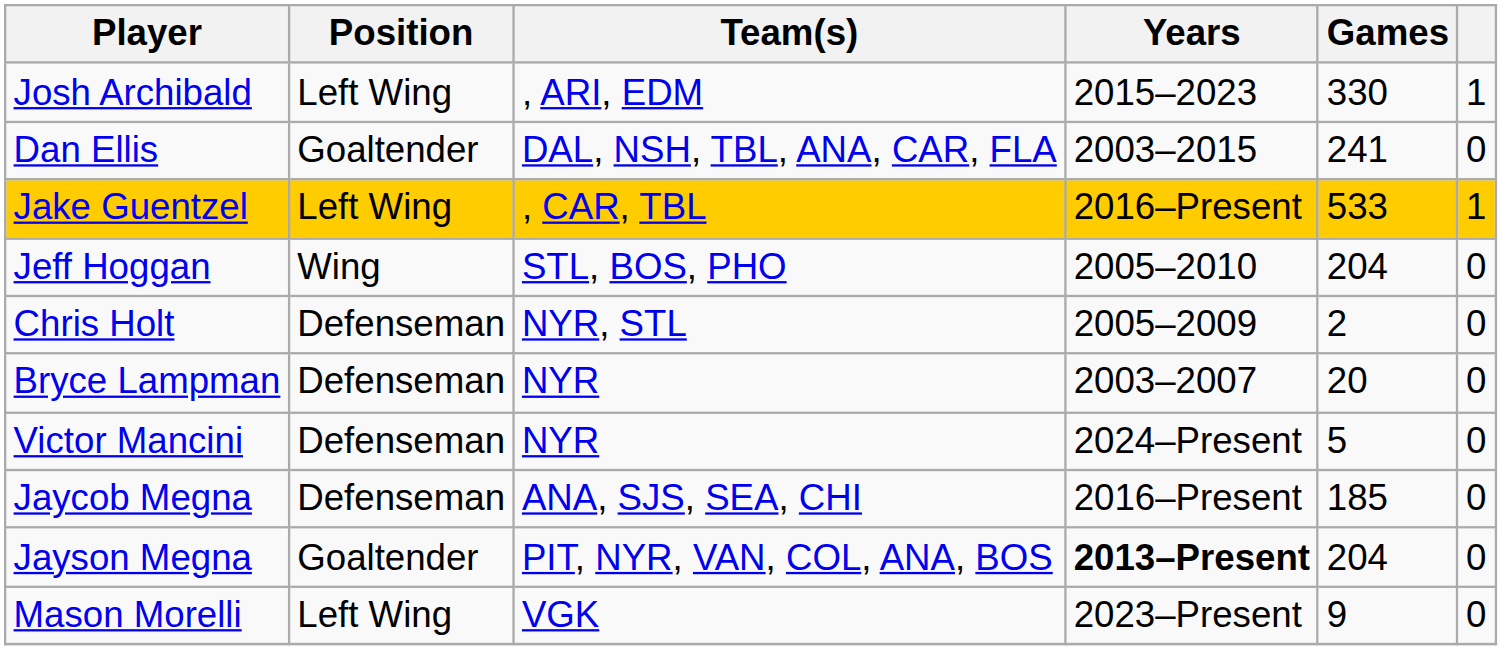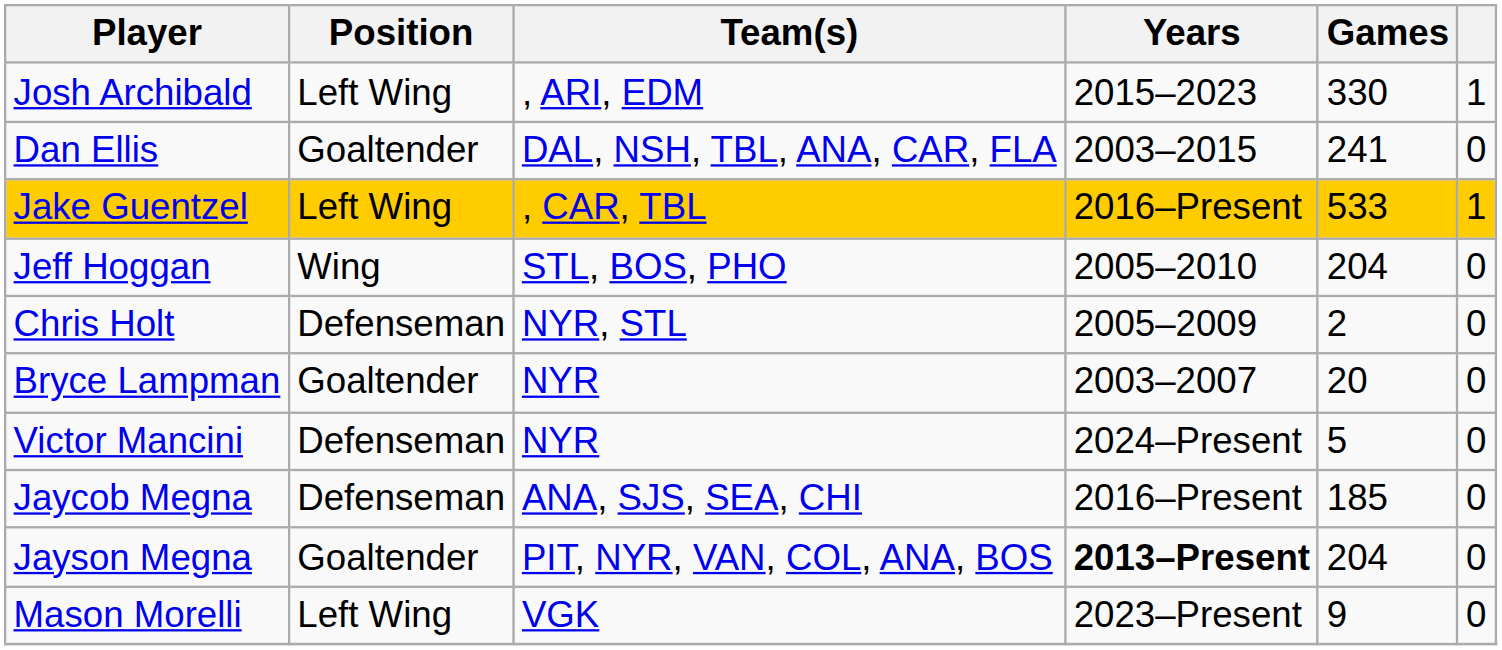 <table class="wikitable sortable">
 <tr>
 <th>Player</th>
 <th>Position</th>
 <th>Team(s)</th>
 <th>Years</th>
 <th>Games</th>
 <th><a href='#'></a></th>
 </tr>
 <tr>
 <td><a href='#'>Josh Archibald</a></td>
 <td>Left Wing</td>
 <td><span><strong></strong></span>, <a href='#'>ARI</a>, <a href='#'>EDM</a></td>
 <td>2015–2023</td>
 <td>330</td>
 <td>1</td>
 </tr>
 <tr>
 <td><a href='#'>Dan Ellis</a></td>
 <td>Goaltender</td>
 <td><a href='#'>DAL</a>, <a href='#'>NSH</a>, <a href='#'>TBL</a>, <a href='#'>ANA</a>, <a href='#'>CAR</a>, <a href='#'>FLA</a></td>
 <td>2003–2015</td>
 <td>241</td>
 <td>0</td>
 </tr>
 <tr bgcolor=FFCC00>
 <td><a href='#'>Jake Guentzel</a></td>
 <td>Left Wing</td>
 <td><span><strong></strong></span>, <a href='#'>CAR</a>, <a href='#'>TBL</a></td>
 <td>2016–Present</td>
 <td>533</td>
 <td>1</td>
 </tr>
 <tr>
 <td><a href='#'>Jeff Hoggan</a></td>
 <td>Wing</td>
 <td><a href='#'>STL</a>, <a href='#'>BOS</a>, <a href='#'>PHO</a></td>
 <td>2005–2010</td>
 <td>204</td>
 <td>0</td>
 </tr>
 <tr>
 <td><a href='#'>Chris Holt</a></td>
 <td>Defenseman</td>
 <td><a href='#'>NYR</a>, <a href='#'>STL</a></td>
 <td>2005–2009</td>
 <td>2</td>
 <td>0</td>
 </tr>
 <tr>
 <td><a href='#'>Bryce Lampman</a></td>
-<td>Defenseman</td>
+<td>Goaltender</td>
 <td><a href='#'>NYR</a></td>
 <td>2003–2007</td>
 <td>20</td>
 <td>0</td>
 </tr>
 <tr>
 <td><a href='#'>Victor Mancini</a></td>
 <td>Defenseman</td>
 <td><a href='#'>NYR</a></td>
 <td>2024–Present</td>
 <td>5</td>
 <td>0</td>
 </tr>
 <tr>
 <td><a href='#'>Jaycob Megna</a></td>
 <td>Defenseman</td>
 <td><a href='#'>ANA</a>, <a href='#'>SJS</a>, <a href='#'>SEA</a>, <a href='#'>CHI</a></td>
 <td>2016–Present</td>
 <td>185</td>
 <td>0</td>
 </tr>
 <tr>
 <td><a href='#'>Jayson Megna</a></td>
 <td>Goaltender</td>
 <td><a href='#'>PIT</a>, <a href='#'>NYR</a>, <a href='#'>VAN</a>, <a href='#'>COL</a>, <a href='#'>ANA</a>, <a href='#'>BOS</a></td>
 <td><strong>2013–Present</strong></td>
 <td>204</td>
 <td>0</td>
 </tr>
 <tr>
 <td><a href='#'>Mason Morelli</a></td>
 <td>Left Wing</td>
 <td><a href='#'>VGK</a></td>
 <td>2023–Present</td>
 <td>9</td>
 <td>0</td>
 </tr>
 <tr>
 </tr>
 </table>
